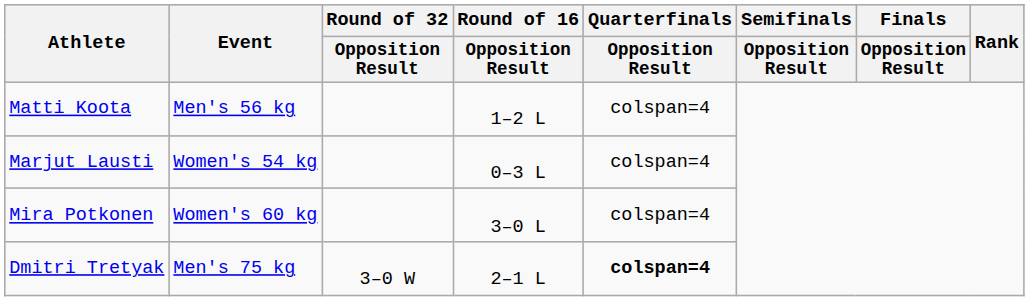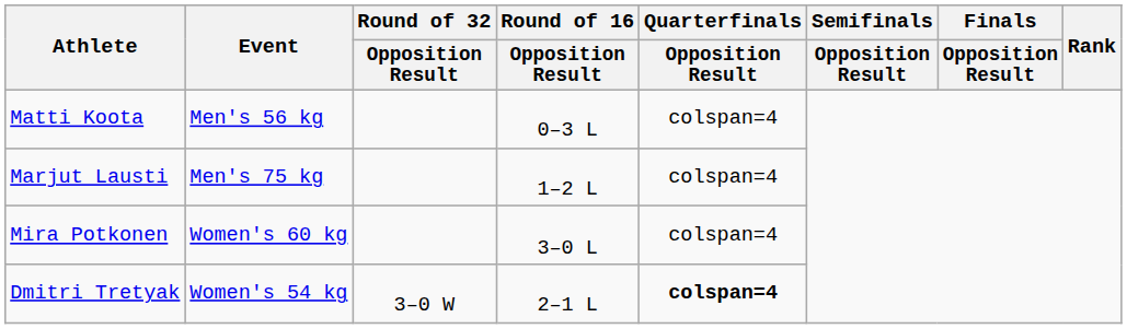 <table class="wikitable" style="font-size:90%">
 <tr>
 <th rowspan="2">Athlete</th>
 <th rowspan="2">Event</th>
 <th>Round of 32</th>
 <th>Round of 16</th>
 <th>Quarterfinals</th>
 <th>Semifinals</th>
 <th>Finals</th>
 <th rowspan="2">Rank</th>
 </tr>
 <tr style="font-size:95%">
 <th>Opposition<br>Result</th>
 <th>Opposition<br>Result</th>
 <th>Opposition<br>Result</th>
 <th>Opposition<br>Result</th>
 <th>Opposition<br>Result</th>
 </tr>
 <tr align=center>
 <td align=left><a href='#'>Matti Koota</a></td>
 <td align=left><a href='#'>Men's 56 kg</a></td>
 <td></td>
-<td><br>1–2 L </td>
+<td><br>0–3 L </td>
 <td>colspan=4 </td>
 </tr>
 <tr align=center>
 <td align=left><a href='#'>Marjut Lausti</a></td>
-<td align=left><a href='#'>Women's 54 kg</a></td>
+<td align=left><a href='#'>Men's 75 kg</a></td>
 <td></td>
-<td><br>0–3 L </td>
+<td><br>1–2 L </td>
 <td>colspan=4 </td>
 </tr>
 <tr align=center>
 <td align=left><a href='#'>Mira Potkonen</a></td>
 <td align=left><a href='#'>Women's 60 kg</a></td>
 <td></td>
 <td><br>3–0 L </td>
 <td>colspan=4 </td>
 </tr>
 <tr align=center>
 <td align=left><a href='#'>Dmitri Tretyak</a></td>
-<td align=left><a href='#'>Men's 75 kg</a></td>
+<td align=left><a href='#'>Women's 54 kg</a></td>
 <td><br>3–0 W </td>
 <td><br>2–1 L </td>
 <td><strong>colspan=4 </strong></td>
 </tr>
 </table>
